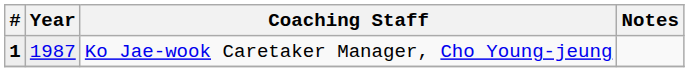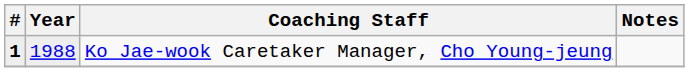 <table class="wikitable" style="text-left:center">
 <tr>
 <th>#</th>
 <th>Year</th>
 <th>Coaching Staff</th>
 <th>Notes</th>
 </tr>
 <tr>
 <td style="background:#eeeeee"><strong>1</strong></td>
-<td style="background:#eeeeee"><a href='#'>1987</a></td>
+<td style="background:#eeeeee"><a href='#'>1988</a></td>
 <td> <a href='#'>Ko Jae-wook</a> Caretaker Manager,  <a href='#'>Cho Young-jeung</a></td>
 <td></td>
 </tr>
 <tr>
 </tr>
 </table>
